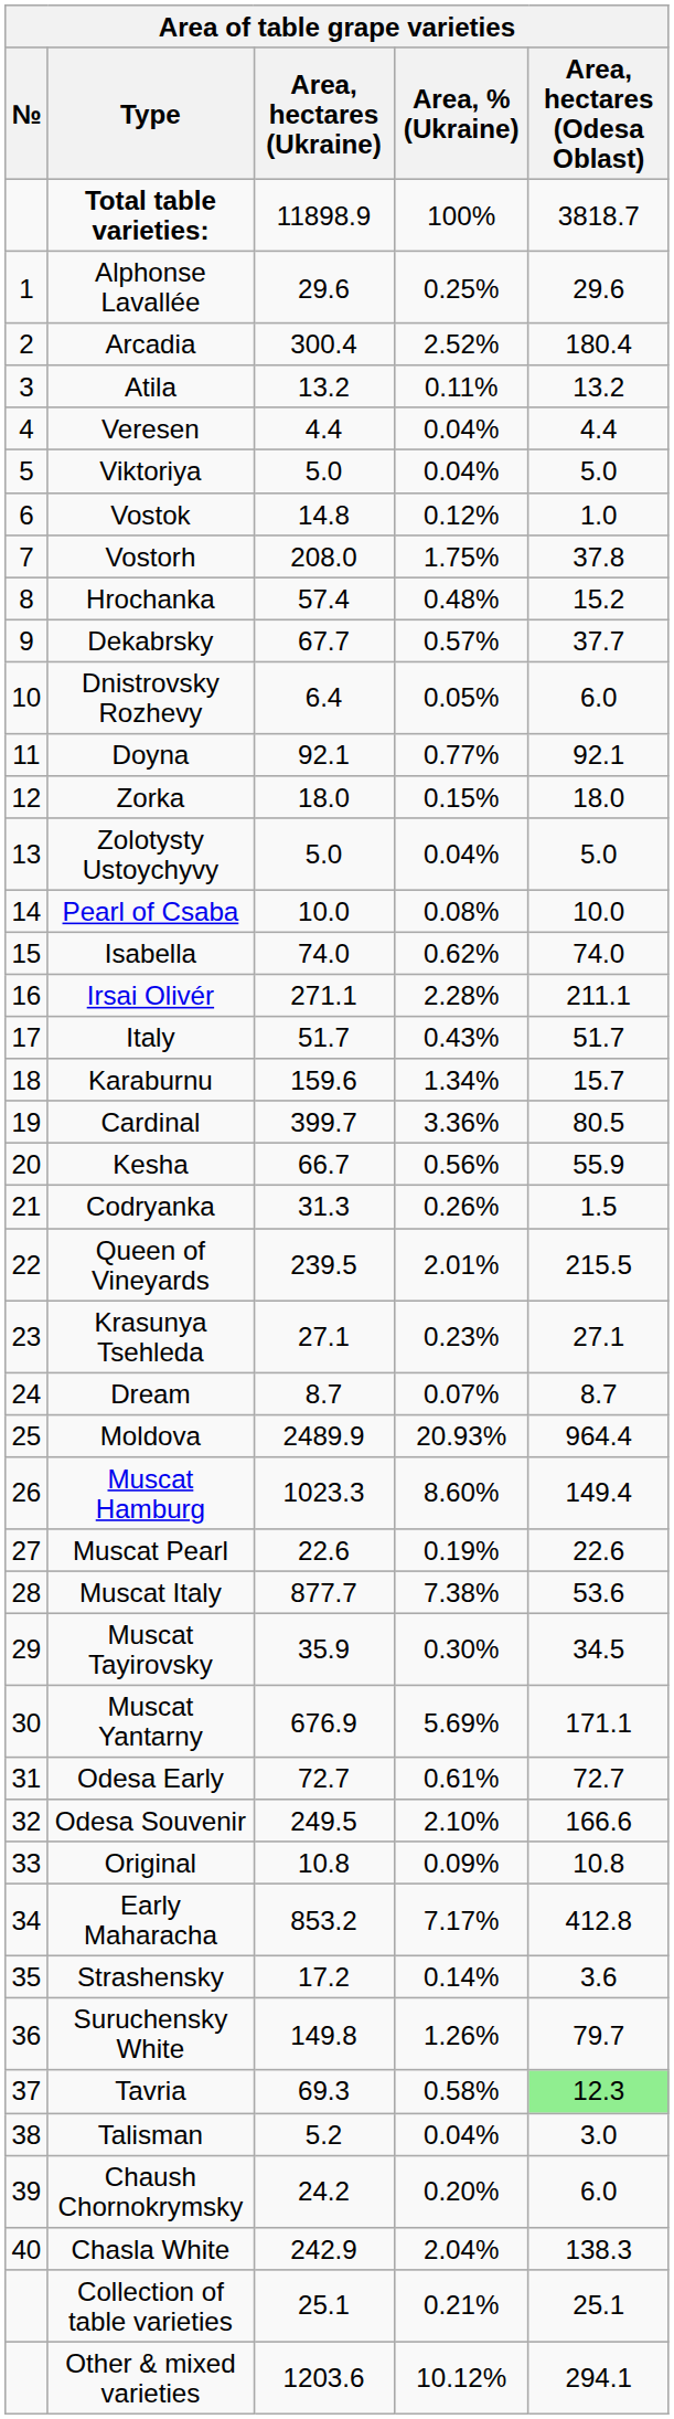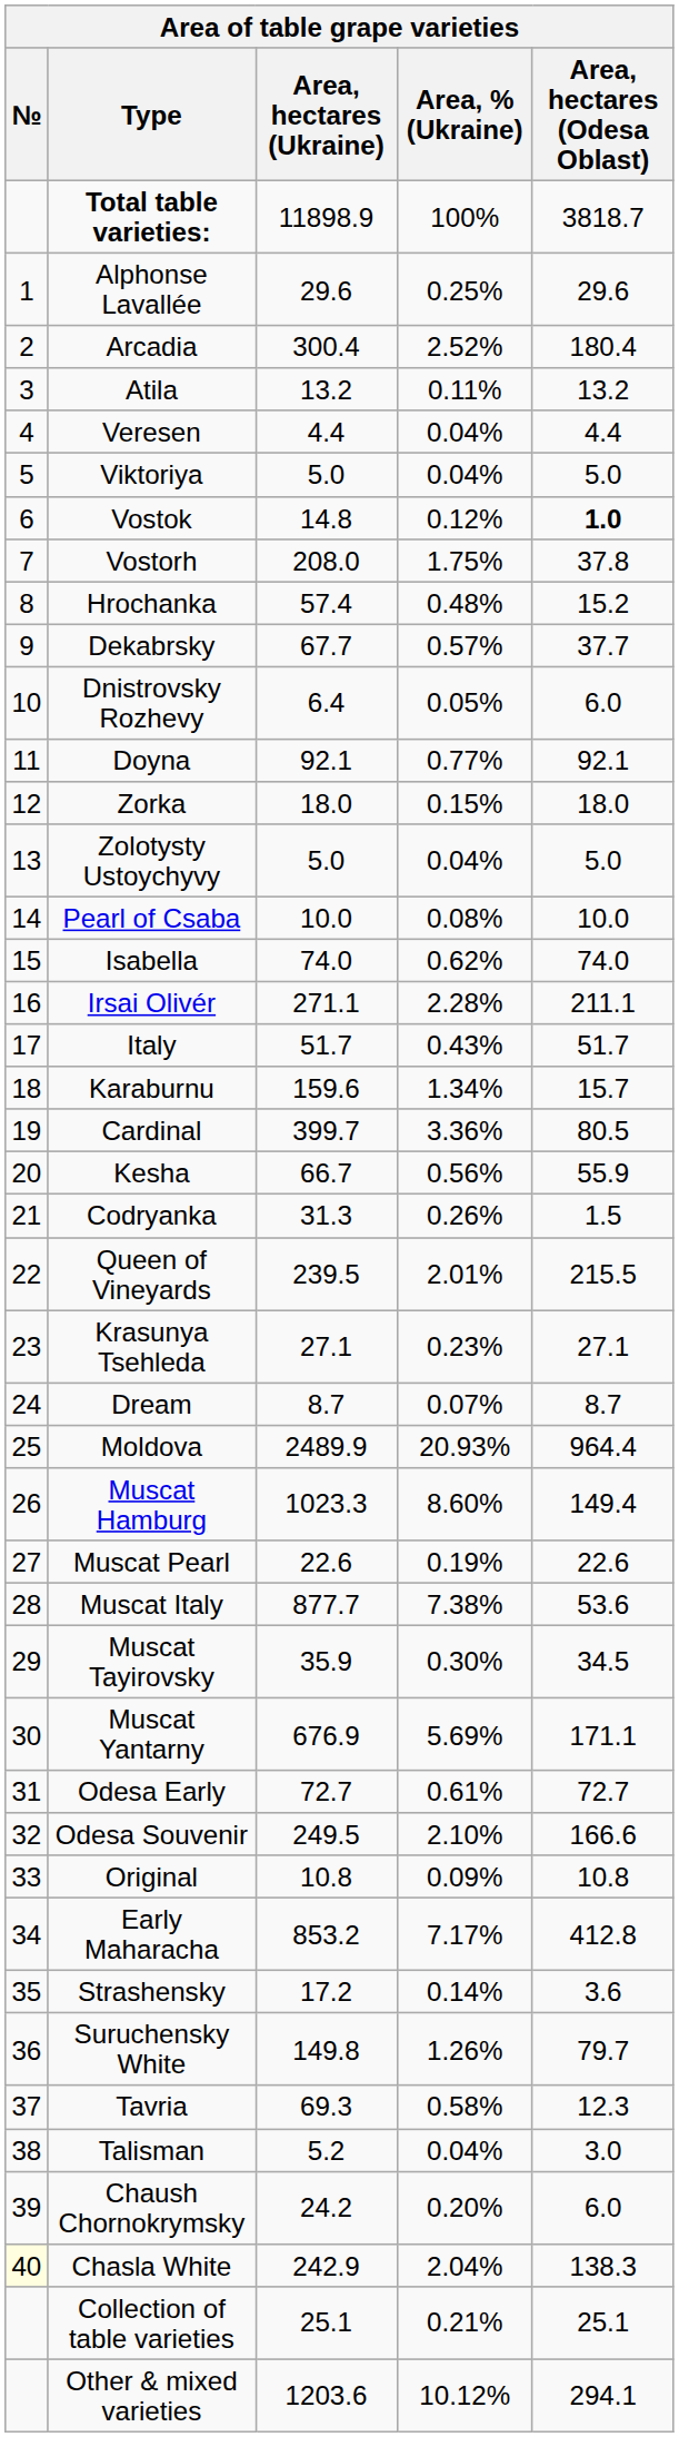 <table class="wikitable sortable mw-collapsible float-left" width="30%" style="font-size:95%; text-align:center;">
 <tr>
 <th colspan="5">Area of table grape varieties</th>
 </tr>
 <tr>
 <th>№</th>
 <th>Type</th>
 <th>Area, hectares (Ukraine)</th>
 <th>Area, % (Ukraine)</th>
 <th>Area, hectares (Odesa Oblast)</th>
 </tr>
 <tr>
 <td></td>
 <td><strong>Total table varieties:</strong></td>
 <td>11898.9</td>
 <td>100%</td>
 <td>3818.7</td>
 </tr>
 <tr>
 <td>1</td>
 <td>Alphonse Lavallée</td>
 <td>29.6</td>
 <td>0.25%</td>
 <td>29.6</td>
 </tr>
 <tr>
 <td>2</td>
 <td>Arcadia</td>
 <td>300.4</td>
 <td>2.52%</td>
 <td>180.4</td>
 </tr>
 <tr>
 <td>3</td>
 <td>Atila</td>
 <td>13.2</td>
 <td>0.11%</td>
 <td>13.2</td>
 </tr>
 <tr>
 <td>4</td>
 <td>Veresen</td>
 <td>4.4</td>
 <td>0.04%</td>
 <td>4.4</td>
 </tr>
 <tr>
 <td>5</td>
 <td>Viktoriya</td>
 <td>5.0</td>
 <td>0.04%</td>
 <td>5.0</td>
 </tr>
 <tr>
 <td>6</td>
 <td>Vostok</td>
 <td>14.8</td>
 <td>0.12%</td>
-<td>1.0</td>
+<td><strong>1.0</strong></td>
 </tr>
 <tr>
 <td>7</td>
 <td>Vostorh</td>
 <td>208.0</td>
 <td>1.75%</td>
 <td>37.8</td>
 </tr>
 <tr>
 <td>8</td>
 <td>Hrochanka</td>
 <td>57.4</td>
 <td>0.48%</td>
 <td>15.2</td>
 </tr>
 <tr>
 <td>9</td>
 <td>Dekabrsky</td>
 <td>67.7</td>
 <td>0.57%</td>
 <td>37.7</td>
 </tr>
 <tr>
 <td>10</td>
 <td>Dnistrovsky Rozhevy</td>
 <td>6.4</td>
 <td>0.05%</td>
 <td>6.0</td>
 </tr>
 <tr>
 <td>11</td>
 <td>Doyna</td>
 <td>92.1</td>
 <td>0.77%</td>
 <td>92.1</td>
 </tr>
 <tr>
 <td>12</td>
 <td>Zorka</td>
 <td>18.0</td>
 <td>0.15%</td>
 <td>18.0</td>
 </tr>
 <tr>
 <td>13</td>
 <td>Zolotysty Ustoychyvy</td>
 <td>5.0</td>
 <td>0.04%</td>
 <td>5.0</td>
 </tr>
 <tr>
 <td>14</td>
 <td><a href='#'>Pearl of Csaba</a></td>
 <td>10.0</td>
 <td>0.08%</td>
 <td>10.0</td>
 </tr>
 <tr>
 <td>15</td>
 <td>Isabella</td>
 <td>74.0</td>
 <td>0.62%</td>
 <td>74.0</td>
 </tr>
 <tr>
 <td>16</td>
 <td><a href='#'>Irsai Olivér</a></td>
 <td>271.1</td>
 <td>2.28%</td>
 <td>211.1</td>
 </tr>
 <tr>
 <td>17</td>
 <td>Italy</td>
 <td>51.7</td>
 <td>0.43%</td>
 <td>51.7</td>
 </tr>
 <tr>
 <td>18</td>
 <td>Karaburnu</td>
 <td>159.6</td>
 <td>1.34%</td>
 <td>15.7</td>
 </tr>
 <tr>
 <td>19</td>
 <td>Cardinal</td>
 <td>399.7</td>
 <td>3.36%</td>
 <td>80.5</td>
 </tr>
 <tr>
 <td>20</td>
 <td>Kesha</td>
 <td>66.7</td>
 <td>0.56%</td>
 <td>55.9</td>
 </tr>
 <tr>
 <td>21</td>
 <td>Codryanka</td>
 <td>31.3</td>
 <td>0.26%</td>
 <td>1.5</td>
 </tr>
 <tr>
 <td>22</td>
 <td>Queen of Vineyards</td>
 <td>239.5</td>
 <td>2.01%</td>
 <td>215.5</td>
 </tr>
 <tr>
 <td>23</td>
 <td>Krasunya Tsehleda</td>
 <td>27.1</td>
 <td>0.23%</td>
 <td>27.1</td>
 </tr>
 <tr>
 <td>24</td>
 <td>Dream</td>
 <td>8.7</td>
 <td>0.07%</td>
 <td>8.7</td>
 </tr>
 <tr>
 <td>25</td>
 <td>Moldova</td>
 <td>2489.9</td>
 <td>20.93%</td>
 <td>964.4</td>
 </tr>
 <tr>
 <td>26</td>
 <td><a href='#'>Muscat Hamburg</a></td>
 <td>1023.3</td>
 <td>8.60%</td>
 <td>149.4</td>
 </tr>
 <tr>
 <td>27</td>
 <td>Muscat Pearl</td>
 <td>22.6</td>
 <td>0.19%</td>
 <td>22.6</td>
 </tr>
 <tr>
 <td>28</td>
 <td>Muscat Italy</td>
 <td>877.7</td>
 <td>7.38%</td>
 <td>53.6</td>
 </tr>
 <tr>
 <td>29</td>
 <td>Muscat Tayirovsky</td>
 <td>35.9</td>
 <td>0.30%</td>
 <td>34.5</td>
 </tr>
 <tr>
 <td>30</td>
 <td>Muscat Yantarny</td>
 <td>676.9</td>
 <td>5.69%</td>
 <td>171.1</td>
 </tr>
 <tr>
 <td>31</td>
 <td>Odesa Early</td>
 <td>72.7</td>
 <td>0.61%</td>
 <td>72.7</td>
 </tr>
 <tr>
 <td>32</td>
 <td>Odesa Souvenir</td>
 <td>249.5</td>
 <td>2.10%</td>
 <td>166.6</td>
 </tr>
 <tr>
 <td>33</td>
 <td>Original</td>
 <td>10.8</td>
 <td>0.09%</td>
 <td>10.8</td>
 </tr>
 <tr>
 <td>34</td>
 <td>Early Maharacha</td>
 <td>853.2</td>
 <td>7.17%</td>
 <td>412.8</td>
 </tr>
 <tr>
 <td>35</td>
 <td>Strashensky</td>
 <td>17.2</td>
 <td>0.14%</td>
 <td>3.6</td>
 </tr>
 <tr>
 <td>36</td>
 <td>Suruchensky White</td>
 <td>149.8</td>
 <td>1.26%</td>
 <td>79.7</td>
 </tr>
 <tr>
 <td>37</td>
 <td>Tavria</td>
 <td>69.3</td>
 <td>0.58%</td>
-<td style="background: lightgreen;">12.3</td>
+<td>12.3</td>
 </tr>
 <tr>
 <td>38</td>
 <td>Talisman</td>
 <td>5.2</td>
 <td>0.04%</td>
 <td>3.0</td>
 </tr>
 <tr>
 <td>39</td>
 <td>Chaush Chornokrymsky</td>
 <td>24.2</td>
 <td>0.20%</td>
 <td>6.0</td>
 </tr>
 <tr>
-<td>40</td>
+<td style="background: lightyellow;">40</td>
 <td>Chasla White</td>
 <td>242.9</td>
 <td>2.04%</td>
 <td>138.3</td>
 </tr>
 <tr>
 <td></td>
 <td>Collection of table varieties</td>
 <td>25.1</td>
 <td>0.21%</td>
 <td>25.1</td>
 </tr>
 <tr>
 <td></td>
 <td>Other & mixed varieties</td>
 <td>1203.6</td>
 <td>10.12%</td>
 <td>294.1</td>
 </tr>
 </table>
